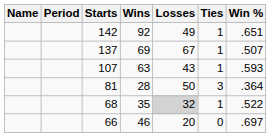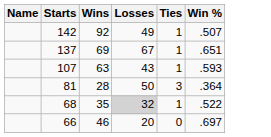 <table class="wikitable sortable" style="text-align: right">
 <tr>
 <th>Name</th>
-<th>Period</th>
 <th>Starts</th>
 <th>Wins</th>
 <th>Losses</th>
 <th>Ties</th>
 <th>Win %</th>
 </tr>
 <tr>
 <td style="text-align:left"></td>
-<td></td>
 <td>142</td>
 <td>92</td>
 <td>49</td>
+<td>1</td>
+<td>.507</td>
+</tr>
+<tr>
+<td style="text-align:left"></td>
+<td>137</td>
+<td>69</td>
+<td>67</td>
 <td>1</td>
 <td>.651</td>
 </tr>
 <tr>
 <td style="text-align:left"></td>
-<td></td>
-<td>137</td>
-<td>69</td>
-<td>67</td>
-<td>1</td>
-<td>.507</td>
-</tr>
-<tr>
-<td style="text-align:left"></td>
-<td></td>
 <td>107</td>
 <td>63</td>
 <td>43</td>
 <td>1</td>
 <td>.593</td>
 </tr>
 <tr>
 <td style="text-align:left"></td>
-<td></td>
 <td>81</td>
 <td>28</td>
 <td>50</td>
 <td>3</td>
 <td>.364</td>
 </tr>
 <tr>
 <td style="text-align:left"></td>
-<td></td>
 <td>68</td>
 <td>35</td>
 <td style="background: lightgrey;">32</td>
 <td>1</td>
 <td>.522</td>
 </tr>
 <tr>
 <td style="text-align:left"></td>
-<td></td>
 <td>66</td>
 <td>46</td>
 <td>20</td>
 <td>0</td>
 <td>.697</td>
 </tr>
 </table>
